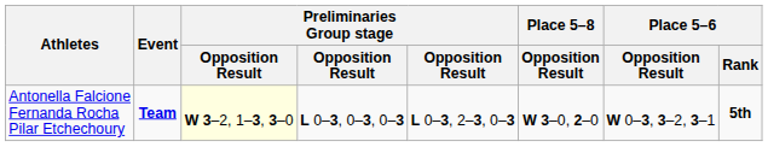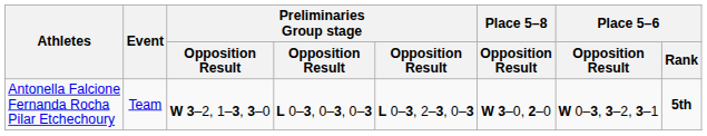 <table class="wikitable" border="1" style="font-size:90%">
 <tr>
 <th rowspan=2>Athletes</th>
 <th rowspan=2>Event</th>
 <th colspan=3>Preliminaries<br>Group stage</th>
 <th>Place 5–8</th>
 <th colspan=2>Place 5–6</th>
 </tr>
 <tr>
 <th>Opposition<br>Result</th>
 <th>Opposition<br>Result</th>
 <th>Opposition<br>Result</th>
 <th>Opposition<br>Result</th>
 <th>Opposition<br>Result</th>
 <th>Rank</th>
 </tr>
 <tr>
 <td><a href='#'>Antonella Falcione</a><br><a href='#'>Fernanda Rocha</a><br><a href='#'>Pilar Etchechoury</a></td>
-<td align=center><strong><a href='#'>Team</a></strong></td>
-<td align=center style="background: lightyellow;"><br><strong>W</strong> <strong>3</strong>–2, 1–<strong>3</strong>, <strong>3</strong>–0</td>
+<td align=center><a href='#'>Team</a></td>
+<td align=center><br><strong>W</strong> <strong>3</strong>–2, 1–<strong>3</strong>, <strong>3</strong>–0</td>
 <td align=center><br><strong>L</strong> 0–<strong>3</strong>, 0–<strong>3</strong>, 0–<strong>3</strong></td>
 <td align=center><br><strong>L</strong> 0–<strong>3</strong>, 2–<strong>3</strong>, 0–<strong>3</strong></td>
 <td align=center><br><strong>W</strong> <strong>3</strong>–0, <strong>2</strong>–0</td>
 <td align=center><br><strong>W</strong> 0–<strong>3</strong>, <strong>3</strong>–2, <strong>3</strong>–1</td>
 <td align=center><strong>5th</strong></td>
 </tr>
 </table>
